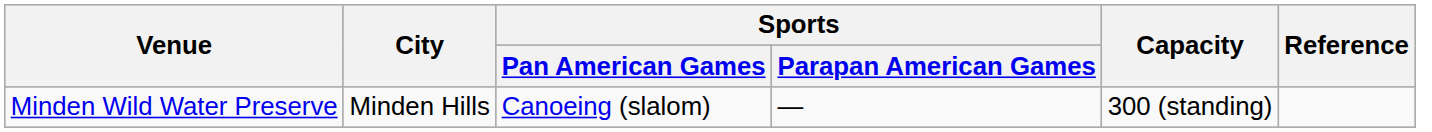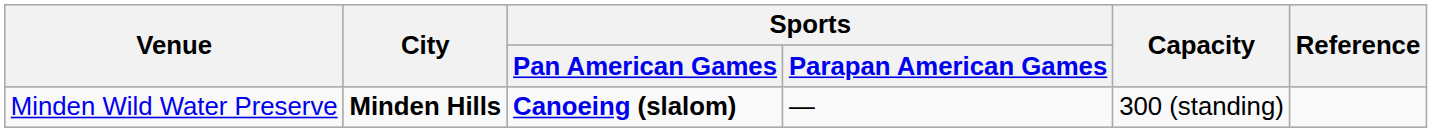 <table class="wikitable sortable">
 <tr>
 <th rowspan="2">Venue</th>
 <th rowspan="2">City</th>
 <th colspan="2" class="unsortable">Sports</th>
 <th rowspan="2">Capacity</th>
 <th rowspan="2" class="unsortable">Reference</th>
 </tr>
 <tr>
 <th><a href='#'>Pan American Games</a></th>
 <th><a href='#'>Parapan American Games</a></th>
 </tr>
 <tr>
 <td><a href='#'>Minden Wild Water Preserve</a></td>
-<td>Minden Hills</td>
-<td><a href='#'>Canoeing</a> (slalom)</td>
+<td><strong>Minden Hills</strong></td>
+<td><strong><a href='#'>Canoeing</a> (slalom)</strong></td>
 <td>—</td>
 <td align="right">300 (standing)</td>
 <td align=center></td>
 </tr>
 </table>
